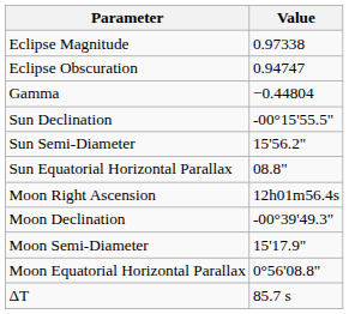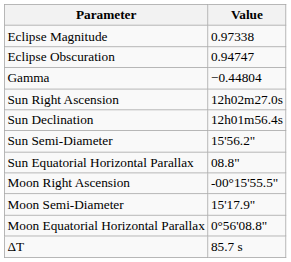 <table class="wikitable">
 <tr>
 <th>Parameter</th>
 <th>Value</th>
 </tr>
 <tr>
 <td>Eclipse Magnitude</td>
 <td>0.97338</td>
 </tr>
 <tr>
 <td>Eclipse Obscuration</td>
 <td>0.94747</td>
 </tr>
 <tr>
 <td>Gamma</td>
 <td>−0.44804</td>
 </tr>
 <tr>
+<td>Sun Right Ascension</td>
+<td>12h02m27.0s</td>
+</tr>
+<tr>
 <td>Sun Declination</td>
-<td>-00°15'55.5"</td>
+<td>12h01m56.4s</td>
 </tr>
 <tr>
 <td>Sun Semi-Diameter</td>
 <td>15'56.2"</td>
 </tr>
 <tr>
 <td>Sun Equatorial Horizontal Parallax</td>
 <td>08.8"</td>
 </tr>
 <tr>
 <td>Moon Right Ascension</td>
-<td>12h01m56.4s</td>
-</tr>
-<tr>
-<td>Moon Declination</td>
-<td>-00°39'49.3"</td>
+<td>-00°15'55.5"</td>
 </tr>
 <tr>
 <td>Moon Semi-Diameter</td>
 <td>15'17.9"</td>
 </tr>
 <tr>
 <td>Moon Equatorial Horizontal Parallax</td>
 <td>0°56'08.8"</td>
 </tr>
 <tr>
 <td>ΔT</td>
 <td>85.7 s</td>
 </tr>
 </table>
